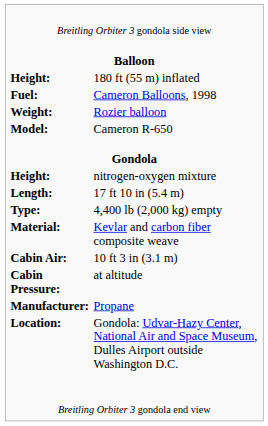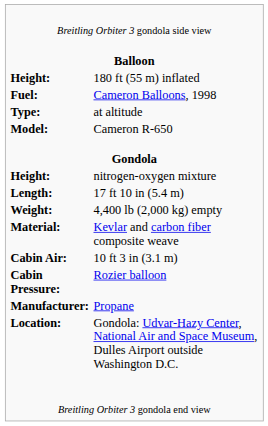 <table class="infobox" style="width: 21em; text-align: left;">
 <tr>
 <td colspan="2" style="text-align:center;"><br><small><em>Breitling Orbiter 3</em> gondola side view</small></td>
 </tr>
 <tr>
 <th align="center" colspan="2"><br>Balloon</th>
 </tr>
 <tr>
 <th>Height:</th>
 <td>180 ft (55 m) inflated</td>
 </tr>
 <tr>
 <th>Fuel:</th>
 <td><a href='#'>Cameron Balloons</a>, 1998</td>
 </tr>
 <tr>
-<th>Weight:</th>
-<td><a href='#'>Rozier balloon</a></td>
+<th>Type:</th>
+<td> at altitude</td>
 </tr>
 <tr>
 <th>Model:</th>
 <td>Cameron R-650</td>
 </tr>
 <tr>
 <th align="center" colspan="2"><br>Gondola</th>
 </tr>
 <tr>
 <th>Height:</th>
 <td>nitrogen-oxygen mixture</td>
 </tr>
 <tr>
 <th>Length:</th>
 <td>17 ft 10 in (5.4 m)</td>
 </tr>
 <tr>
-<th>Type:</th>
+<th>Weight:</th>
 <td>4,400 lb (2,000 kg) empty</td>
 </tr>
 <tr>
 <th>Material:</th>
 <td><a href='#'>Kevlar</a> and <a href='#'>carbon fiber</a><br>composite weave</td>
 </tr>
 <tr>
 <th>Cabin Air:</th>
 <td>10 ft 3 in (3.1 m)</td>
 </tr>
 <tr>
 <th>Cabin Pressure:</th>
-<td> at altitude</td>
+<td><a href='#'>Rozier balloon</a></td>
 </tr>
 <tr>
 <th>Manufacturer:</th>
 <td><a href='#'>Propane</a></td>
 </tr>
 <tr>
 <th>Location:</th>
 <td>Gondola: <a href='#'>Udvar-Hazy Center</a>, <a href='#'>National Air and Space Museum</a>, Dulles Airport outside Washington D.C.</td>
 </tr>
 <tr>
 <td colspan="2" style="text-align:center;"><br><br><small><em>Breitling Orbiter 3</em> gondola end view</small></td>
 </tr>
 </table>
